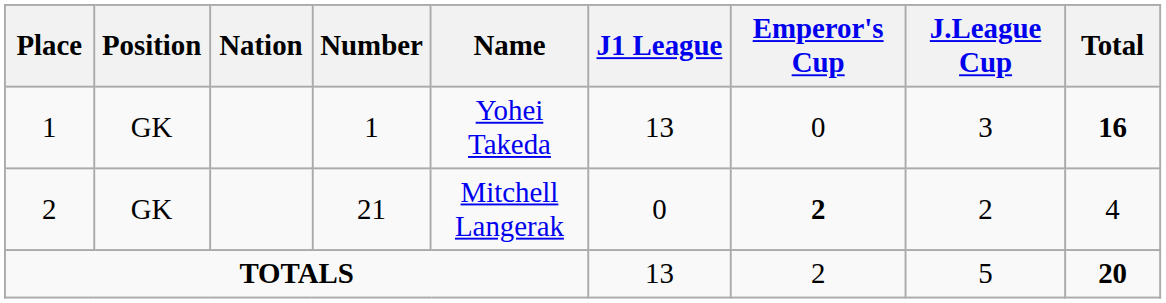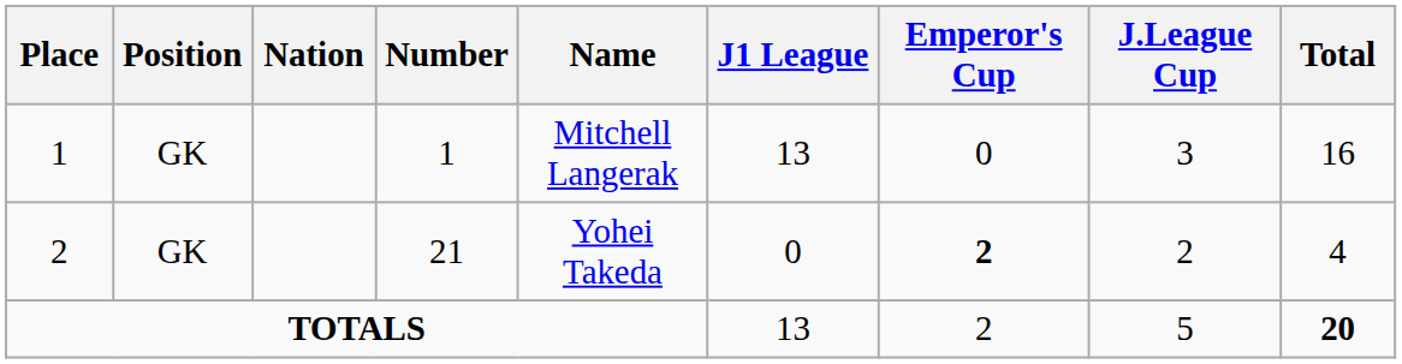 <table class="wikitable" style="font-size: 95%; text-align: center;">
 <tr>
 <th width=60>Place</th>
 <th width=60>Position</th>
 <th width=60>Nation</th>
 <th width=60>Number</th>
 <th width=150>Name</th>
 <th width=150><a href='#'>J1 League</a></th>
 <th width=150><a href='#'>Emperor's Cup</a></th>
 <th width=150><a href='#'>J.League Cup</a></th>
 <th width=80>Total</th>
 </tr>
 <tr>
 <td>1</td>
 <td>GK</td>
 <td></td>
 <td>1</td>
-<td><a href='#'>Yohei Takeda</a></td>
+<td><a href='#'>Mitchell Langerak</a></td>
 <td>13</td>
 <td>0</td>
 <td>3</td>
-<td><strong>16</strong></td>
+<td>16</td>
 </tr>
 <tr>
 <td>2</td>
 <td>GK</td>
 <td></td>
 <td>21</td>
-<td><a href='#'>Mitchell Langerak</a></td>
+<td><a href='#'>Yohei Takeda</a></td>
 <td>0</td>
 <td><strong>2</strong></td>
 <td>2</td>
 <td>4</td>
 </tr>
 <tr>
 <td colspan="5"><strong>TOTALS</strong></td>
 <td>13</td>
 <td>2</td>
 <td>5</td>
 <td><strong>20</strong></td>
 </tr>
 </table>
